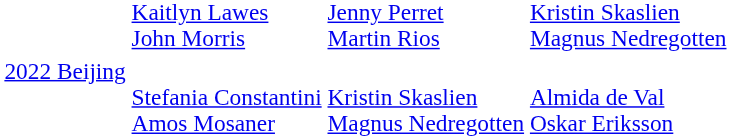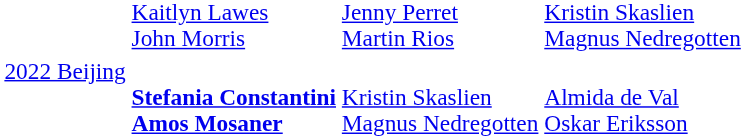 <table>
 <tr valign="top">
 <td><br></td>
 <td><br><a href='#'>Kaitlyn Lawes</a><br><a href='#'>John Morris</a></td>
 <td><br><a href='#'>Jenny Perret</a><br><a href='#'>Martin Rios</a></td>
 <td><br><a href='#'>Kristin Skaslien</a><br><a href='#'>Magnus Nedregotten</a></td>
 </tr>
 <tr valign="top">
 <td><a href='#'>2022 Beijing</a> <br></td>
-<td><br><a href='#'>Stefania Constantini</a><br><a href='#'>Amos Mosaner</a></td>
+<td><strong><br><a href='#'>Stefania Constantini</a><br><a href='#'>Amos Mosaner</a></strong></td>
 <td><br><a href='#'>Kristin Skaslien</a><br><a href='#'>Magnus Nedregotten</a></td>
 <td><br><a href='#'>Almida de Val</a><br><a href='#'>Oskar Eriksson</a></td>
 </tr>
 <tr>
 </tr>
 </table>
